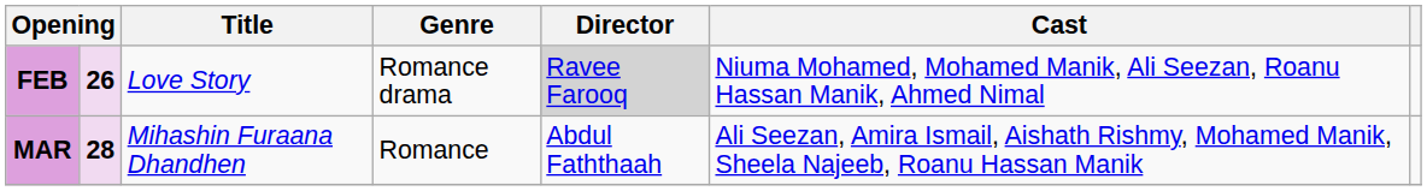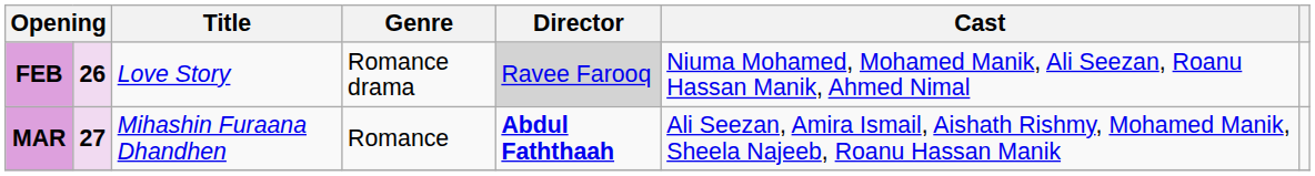 <table class="wikitable plainrowheaders" width="100%">
 <tr>
 <th scope="col" colspan="2">Opening</th>
 <th scope="col">Title</th>
 <th scope="col">Genre</th>
 <th scope="col">Director</th>
 <th scope="col">Cast</th>
 <th scope="col"></th>
 </tr>
 <tr>
 <td style="text-align:center; background:plum; textcolor:#000;"><strong>FEB</strong></td>
 <td style="text-align:center; background:#f1daf1;"><strong>26</strong></td>
 <td><em><a href='#'>Love Story</a></em></td>
 <td>Romance drama</td>
 <td style="background: lightgrey;"><a href='#'>Ravee Farooq</a></td>
 <td><a href='#'>Niuma Mohamed</a>, <a href='#'>Mohamed Manik</a>, <a href='#'>Ali Seezan</a>, <a href='#'>Roanu Hassan Manik</a>, <a href='#'>Ahmed Nimal</a></td>
 <td style="text-align:center;"></td>
 </tr>
 <tr>
 <td style="text-align:center; background:plum; textcolor:#000;"><strong>MAR</strong></td>
-<td style="text-align:center; background:#f1daf1;"><strong>28</strong></td>
+<td style="text-align:center; background:#f1daf1;"><strong>27</strong></td>
 <td><em><a href='#'>Mihashin Furaana Dhandhen</a></em></td>
 <td>Romance</td>
-<td><a href='#'>Abdul Faththaah</a></td>
+<td><strong><a href='#'>Abdul Faththaah</a></strong></td>
 <td><a href='#'>Ali Seezan</a>, <a href='#'>Amira Ismail</a>, <a href='#'>Aishath Rishmy</a>, <a href='#'>Mohamed Manik</a>, <a href='#'>Sheela Najeeb</a>, <a href='#'>Roanu Hassan Manik</a></td>
 <td style="text-align:center;"></td>
 </tr>
 <tr>
 </tr>
 </table>
